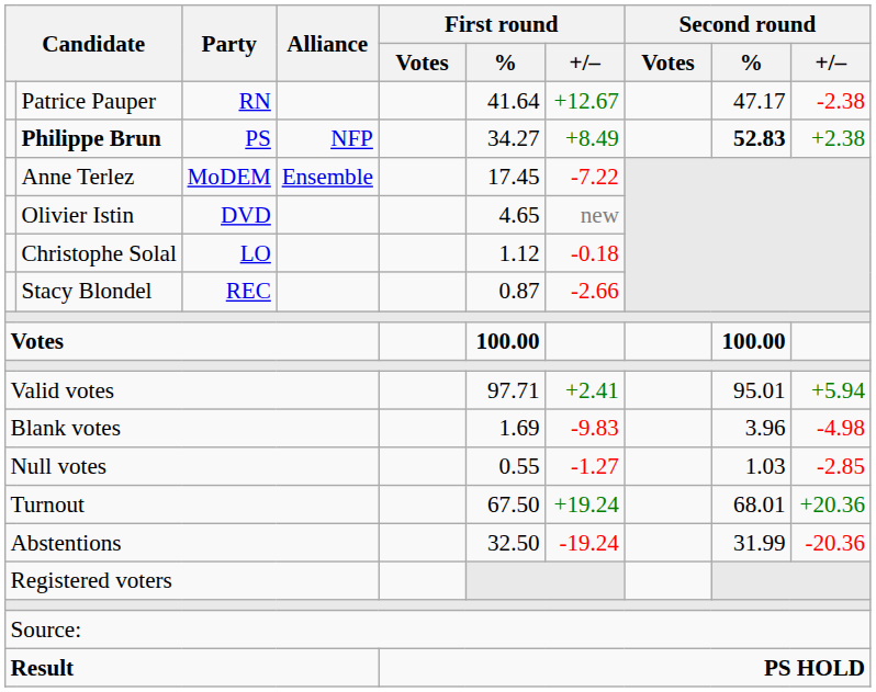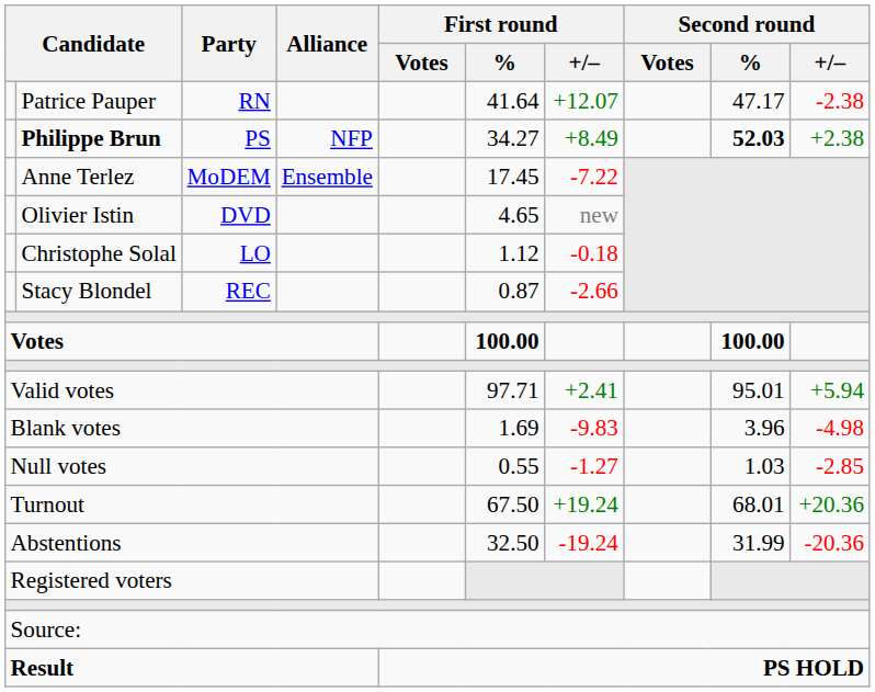 <table class="wikitable" style="text-align:right;font-size:95%;">
 <tr>
 <th rowspan="2" colspan="2">Candidate</th>
 <th colspan="1" rowspan="2">Party</th>
 <th colspan="1" rowspan="2">Alliance</th>
 <th colspan="3">First round</th>
 <th colspan="3">Second round</th>
 </tr>
 <tr>
 <th style="width:50px;">Votes</th>
 <th style="width:45px;">%</th>
 <th style="width:45px;">+/–</th>
 <th style="width:50px;">Votes</th>
 <th style="width:45px;">%</th>
 <th style="width:45px;">+/–</th>
 </tr>
 <tr>
 <td style="color:inherit;background:"></td>
 <td style="text-align:left;">Patrice Pauper</td>
 <td><a href='#'>RN</a></td>
 <td></td>
 <td></td>
 <td>41.64</td>
-<td style="color:green;">+12.67</td>
+<td style="color:green;">+12.07</td>
 <td></td>
 <td>47.17</td>
 <td style="color:red;">-2.38</td>
 </tr>
 <tr>
 <td style="color:inherit;background:"></td>
 <td style="text-align:left;"><strong>Philippe Brun</strong></td>
 <td><a href='#'>PS</a></td>
 <td><a href='#'>NFP</a></td>
 <td></td>
 <td>34.27</td>
 <td style="color:green;">+8.49</td>
 <td><strong></strong></td>
-<td><strong>52.83</strong></td>
+<td><strong>52.03</strong></td>
 <td style="color:green;">+2.38</td>
 </tr>
 <tr>
 <td style="color:inherit;background:"></td>
 <td style="text-align:left;">Anne Terlez</td>
 <td><a href='#'>MoDEM</a></td>
 <td><a href='#'>Ensemble</a></td>
 <td></td>
 <td>17.45</td>
 <td style="color:red;">-7.22</td>
 <td colspan="3" rowspan="4" style="background:#E9E9E9;"></td>
 </tr>
 <tr>
 <td style="color:inherit;background:"></td>
 <td style="text-align:left;">Olivier Istin</td>
 <td><a href='#'>DVD</a></td>
 <td></td>
 <td></td>
 <td>4.65</td>
 <td style="color:grey;">new</td>
 </tr>
 <tr>
 <td style="color:inherit;background:"></td>
 <td style="text-align:left;">Christophe Solal</td>
 <td><a href='#'>LO</a></td>
 <td></td>
 <td></td>
 <td>1.12</td>
 <td style="color:red;">-0.18</td>
 </tr>
 <tr>
 <td style="color:inherit;background:"></td>
 <td style="text-align:left;">Stacy Blondel</td>
 <td><a href='#'>REC</a></td>
 <td></td>
 <td></td>
 <td>0.87</td>
 <td style="color:red;">-2.66</td>
 </tr>
 <tr>
 <td colspan="10" style="background:#E9E9E9;"></td>
 </tr>
 <tr style="font-weight:bold;">
 <td colspan="4" style="text-align:left;">Votes</td>
 <td></td>
 <td>100.00</td>
 <td></td>
 <td></td>
 <td>100.00</td>
 <td></td>
 </tr>
 <tr>
 <td colspan="10" style="background:#E9E9E9;"></td>
 </tr>
 <tr>
 <td colspan="4" style="text-align:left;">Valid votes</td>
 <td></td>
 <td>97.71</td>
 <td style="color:green;">+2.41</td>
 <td></td>
 <td>95.01</td>
 <td style="color:green;">+5.94</td>
 </tr>
 <tr>
 <td colspan="4" style="text-align:left;">Blank votes</td>
 <td></td>
 <td>1.69</td>
 <td style="color:red;">-9.83</td>
 <td></td>
 <td>3.96</td>
 <td style="color:red;">-4.98</td>
 </tr>
 <tr>
 <td colspan="4" style="text-align:left;">Null votes</td>
 <td></td>
 <td>0.55</td>
 <td style="color:red;">-1.27</td>
 <td></td>
 <td>1.03</td>
 <td style="color:red;">-2.85</td>
 </tr>
 <tr>
 <td colspan="4" style="text-align:left;">Turnout</td>
 <td></td>
 <td>67.50</td>
 <td style="color:green;">+19.24</td>
 <td></td>
 <td>68.01</td>
 <td style="color:green;">+20.36</td>
 </tr>
 <tr>
 <td colspan="4" style="text-align:left;">Abstentions</td>
 <td></td>
 <td>32.50</td>
 <td style="color:red;">-19.24</td>
 <td></td>
 <td>31.99</td>
 <td style="color:red;">-20.36</td>
 </tr>
 <tr>
 <td colspan="4" style="text-align:left;">Registered voters</td>
 <td></td>
 <td colspan="2" style="background:#E9E9E9;"></td>
 <td></td>
 <td colspan="2" style="background:#E9E9E9;"></td>
 </tr>
 <tr>
 <td colspan="10" style="background:#E9E9E9;"></td>
 </tr>
 <tr>
 <td colspan="10" style="text-align:left;">Source: </td>
 </tr>
 <tr style="font-weight:bold">
 <td colspan="4" style="text-align:left;">Result</td>
 <td colspan="6" style="background-color:">PS HOLD</td>
 </tr>
 </table>
